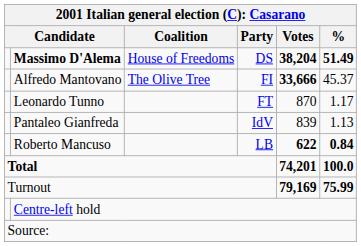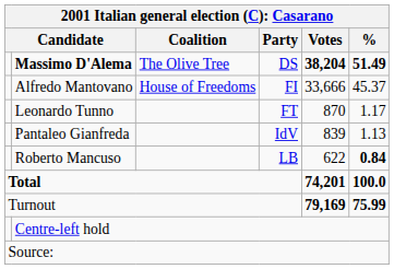 <table class=wikitable style=text-align:right>
 <tr>
 <th colspan=6>2001 Italian general election (<a href='#'>C</a>): <a href='#'>Casarano</a></th>
 </tr>
 <tr>
 <th colspan=2>Candidate</th>
 <th>Coalition</th>
 <th>Party</th>
 <th>Votes</th>
 <th>%</th>
 </tr>
 <tr>
 <td></td>
 <td align=left><strong>Massimo D'Alema</strong></td>
-<td align=left><a href='#'>House of Freedoms</a></td>
+<td align=left><a href='#'>The Olive Tree</a></td>
 <td><a href='#'>DS</a></td>
 <td><strong>38,204</strong></td>
 <td><strong>51.49</strong></td>
 </tr>
 <tr>
 <td></td>
 <td align=left>Alfredo Mantovano</td>
-<td align=left><a href='#'>The Olive Tree</a></td>
+<td align=left><a href='#'>House of Freedoms</a></td>
 <td><a href='#'>FI</a></td>
-<td><strong>33,666</strong></td>
+<td>33,666</td>
 <td>45.37</td>
 </tr>
 <tr>
 <td></td>
 <td align=left>Leonardo Tunno</td>
 <td></td>
 <td><a href='#'>FT</a></td>
 <td>870</td>
 <td>1.17</td>
 </tr>
 <tr>
 <td></td>
 <td align=left>Pantaleo Gianfreda</td>
 <td></td>
 <td><a href='#'>IdV</a></td>
 <td>839</td>
 <td>1.13</td>
 </tr>
 <tr>
 <td></td>
 <td align=left>Roberto Mancuso</td>
 <td></td>
 <td><a href='#'>LB</a></td>
-<td><strong>622</strong></td>
+<td>622</td>
 <td><strong>0.84</strong></td>
 </tr>
 <tr>
 <td align=left colspan=4><strong>Total</strong></td>
 <td><strong>74,201</strong></td>
 <td><strong>100.0</strong></td>
 </tr>
 <tr>
 <td align=left colspan=4>Turnout</td>
 <td><strong>79,169</strong></td>
 <td><strong>75.99</strong></td>
 </tr>
 <tr>
 <td></td>
 <td align=left colspan=5><a href='#'>Centre-left</a> hold</td>
 </tr>
 <tr>
 <td align=left colspan=6>Source: </td>
 </tr>
 </table>
